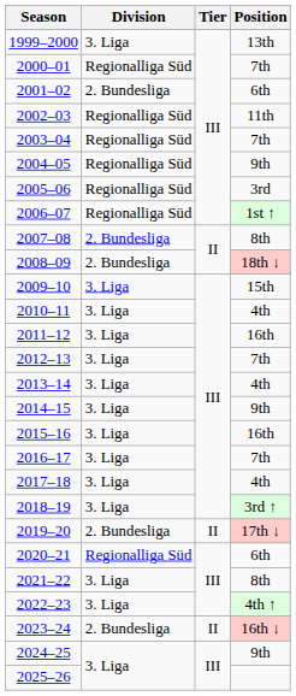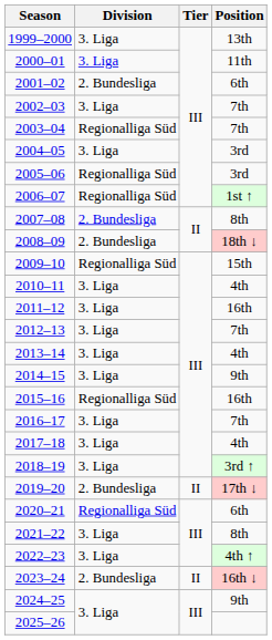 <table class="wikitable">
 <tr>
 <th>Season</th>
 <th>Division</th>
 <th>Tier</th>
 <th>Position</th>
 </tr>
 <tr align="center">
 <td><a href='#'>1999–2000</a></td>
 <td align="left">3. Liga</td>
 <td rowspan=8>III</td>
 <td>13th</td>
 </tr>
 <tr align="center">
 <td><a href='#'>2000–01</a></td>
-<td align="left">Regionalliga Süd</td>
-<td>7th</td>
+<td align="left"><a href='#'>3. Liga</a></td>
+<td>11th</td>
 </tr>
 <tr align="center">
 <td><a href='#'>2001–02</a></td>
 <td align="left">2. Bundesliga</td>
 <td>6th</td>
 </tr>
 <tr align="center">
 <td><a href='#'>2002–03</a></td>
-<td align="left">Regionalliga Süd</td>
-<td>11th</td>
+<td align="left">3. Liga</td>
+<td>7th</td>
 </tr>
 <tr align="center">
 <td><a href='#'>2003–04</a></td>
 <td align="left">Regionalliga Süd</td>
 <td>7th</td>
 </tr>
 <tr align="center">
 <td><a href='#'>2004–05</a></td>
-<td align="left">Regionalliga Süd</td>
-<td>9th</td>
+<td align="left">3. Liga</td>
+<td>3rd</td>
 </tr>
 <tr align="center">
 <td><a href='#'>2005–06</a></td>
 <td align="left">Regionalliga Süd</td>
 <td>3rd</td>
 </tr>
 <tr align="center">
 <td><a href='#'>2006–07</a></td>
 <td align="left">Regionalliga Süd</td>
 <td bgcolor="#ddffdd">1st ↑</td>
 </tr>
 <tr align="center">
 <td><a href='#'>2007–08</a></td>
 <td align="left"><a href='#'>2. Bundesliga</a></td>
 <td rowspan=2>II</td>
 <td>8th</td>
 </tr>
 <tr align="center">
 <td><a href='#'>2008–09</a></td>
 <td align="left">2. Bundesliga</td>
 <td bgcolor="#ffcccc">18th ↓</td>
 </tr>
 <tr align="center">
 <td><a href='#'>2009–10</a></td>
-<td align="left"><a href='#'>3. Liga</a></td>
+<td align="left">Regionalliga Süd</td>
 <td rowspan=10>III</td>
 <td>15th</td>
 </tr>
 <tr align="center">
 <td><a href='#'>2010–11</a></td>
 <td align="left">3. Liga</td>
 <td>4th</td>
 </tr>
 <tr align="center">
 <td><a href='#'>2011–12</a></td>
 <td align="left">3. Liga</td>
 <td>16th</td>
 </tr>
 <tr align="center">
 <td><a href='#'>2012–13</a></td>
 <td align="left">3. Liga</td>
 <td>7th</td>
 </tr>
 <tr align="center">
 <td><a href='#'>2013–14</a></td>
 <td align="left">3. Liga</td>
 <td>4th</td>
 </tr>
 <tr align="center">
 <td><a href='#'>2014–15</a></td>
 <td align="left">3. Liga</td>
 <td>9th</td>
 </tr>
 <tr align="center">
 <td><a href='#'>2015–16</a></td>
-<td align="left">3. Liga</td>
+<td align="left">Regionalliga Süd</td>
 <td>16th</td>
 </tr>
 <tr align="center">
 <td><a href='#'>2016–17</a></td>
 <td align="left">3. Liga</td>
 <td>7th</td>
 </tr>
 <tr align="center">
 <td><a href='#'>2017–18</a></td>
 <td align="left">3. Liga</td>
 <td>4th</td>
 </tr>
 <tr align="center">
 <td><a href='#'>2018–19</a></td>
 <td align="left">3. Liga</td>
 <td bgcolor="#ddffdd">3rd ↑</td>
 </tr>
 <tr align="center">
 <td><a href='#'>2019–20</a></td>
 <td align="left">2. Bundesliga</td>
 <td>II</td>
 <td bgcolor="#ffcccc">17th ↓</td>
 </tr>
 <tr align="center">
 <td><a href='#'>2020–21</a></td>
 <td align="left"><a href='#'>Regionalliga Süd</a></td>
 <td rowspan=3>III</td>
 <td>6th</td>
 </tr>
 <tr align="center">
 <td><a href='#'>2021–22</a></td>
 <td align="left">3. Liga</td>
 <td>8th</td>
 </tr>
 <tr align="center">
 <td><a href='#'>2022–23</a></td>
 <td align="left">3. Liga</td>
 <td bgcolor="#ddffdd">4th ↑</td>
 </tr>
 <tr align="center">
 <td><a href='#'>2023–24</a></td>
 <td align="left">2. Bundesliga</td>
 <td>II</td>
 <td bgcolor="#ffcccc">16th ↓</td>
 </tr>
 <tr align="center">
 <td><a href='#'>2024–25</a></td>
 <td align="left" rowspan=2>3. Liga</td>
 <td rowspan=2>III</td>
 <td>9th</td>
 </tr>
 <tr align="center">
 <td><a href='#'>2025–26</a></td>
 <td></td>
 </tr>
 </table>
